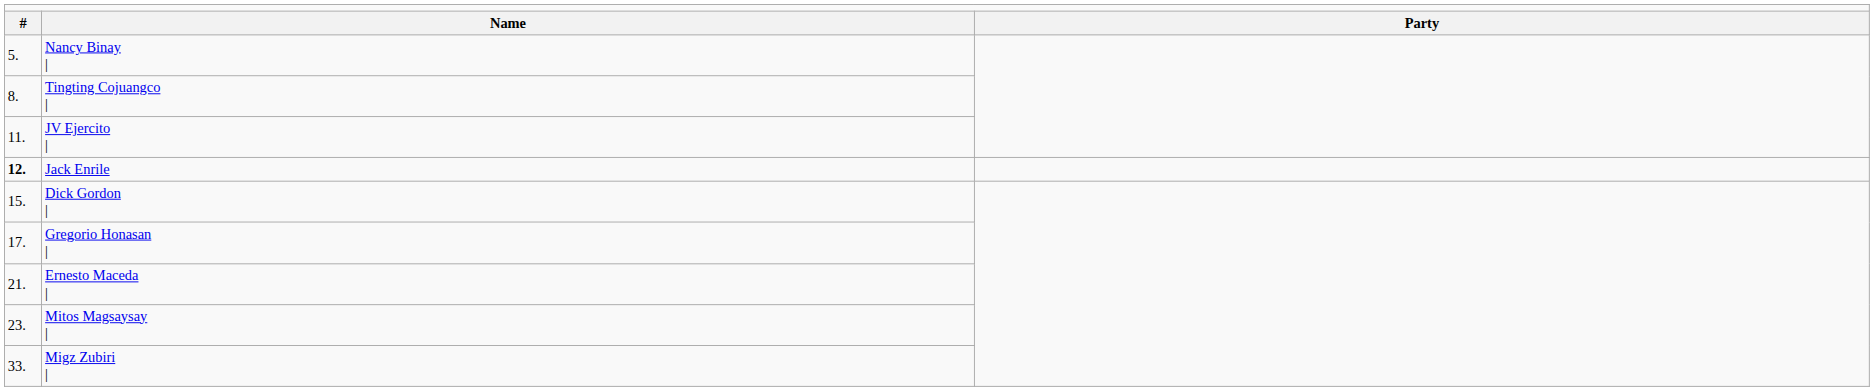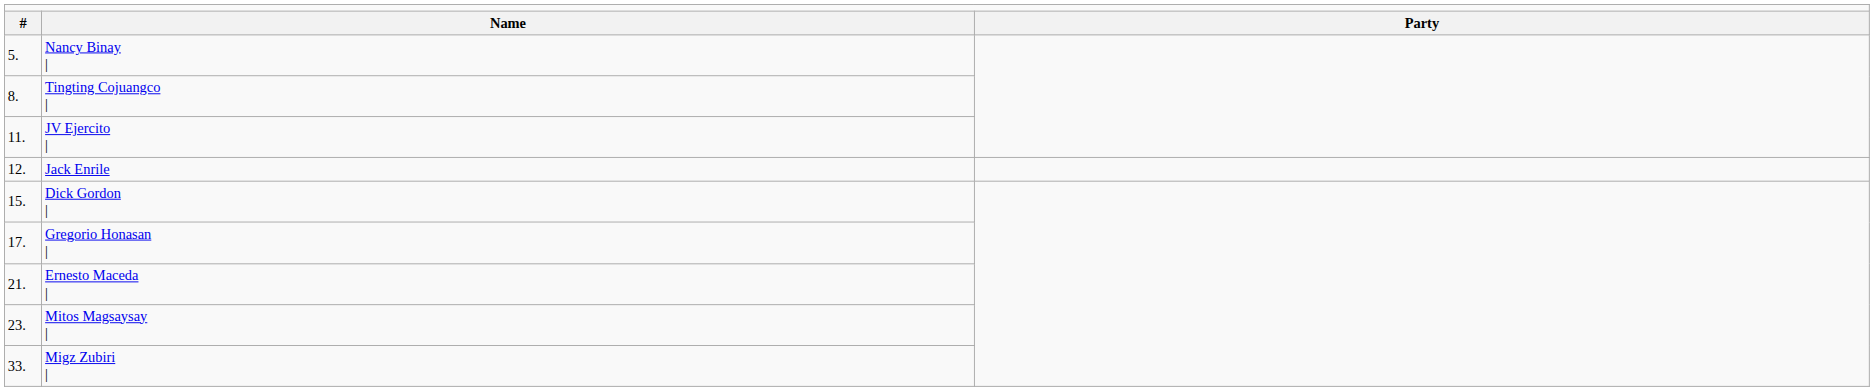 <table class=wikitable style="font-size:95%" width=99%>
 <tr>
 <td colspan=4 bgcolor=></td>
 </tr>
 <tr>
 <th width=2%>#</th>
 <th width=50%>Name</th>
 <th colspan=2>Party</th>
 </tr>
 <tr>
 <td>5.</td>
 <td><a href='#'>Nancy Binay</a><br> | </td>
 </tr>
 <tr>
 <td>8.</td>
 <td><a href='#'>Tingting Cojuangco</a><br> | </td>
 </tr>
 <tr>
 <td>11.</td>
 <td><a href='#'>JV Ejercito</a><br> | </td>
 </tr>
 <tr>
-<td><strong>12.</strong></td>
+<td>12.</td>
 <td><a href='#'>Jack Enrile</a></td>
 <td></td>
 </tr>
 <tr>
 <td>15.</td>
 <td><a href='#'>Dick Gordon</a><br> | </td>
 </tr>
 <tr>
 <td>17.</td>
 <td><a href='#'>Gregorio Honasan</a><br> | </td>
 </tr>
 <tr>
 <td>21.</td>
 <td><a href='#'>Ernesto Maceda</a><br> | </td>
 </tr>
 <tr>
 <td>23.</td>
 <td><a href='#'>Mitos Magsaysay</a><br> | </td>
 </tr>
 <tr>
 <td>33.</td>
 <td><a href='#'>Migz Zubiri</a><br> | </td>
 </tr>
 </table>
